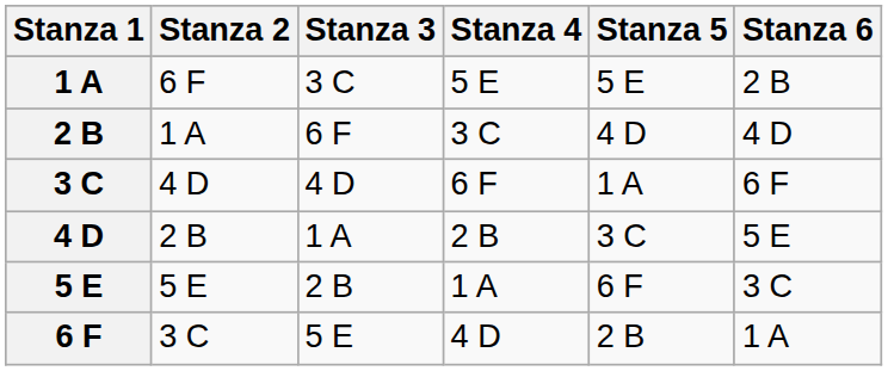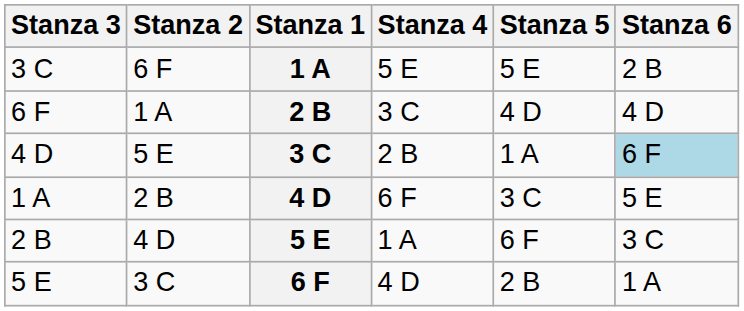 <table class="wikitable">
 <tr>
+<th scope="col">Stanza 3</th>
+<th scope="col">Stanza 2</th>
 <th scope="col">Stanza 1</th>
-<th scope="col">Stanza 2</th>
-<th scope="col">Stanza 3</th>
 <th scope="col">Stanza 4</th>
 <th scope="col">Stanza 5</th>
 <th scope="col">Stanza 6</th>
 </tr>
 <tr>
+<td>3 C</td>
+<td>6 F</td>
 <th scope="row">1 A</th>
-<td>6 F</td>
-<td>3 C</td>
 <td>5 E</td>
 <td>5 E</td>
 <td>2 B</td>
 </tr>
 <tr>
+<td>6 F</td>
+<td>1 A</td>
 <th scope="row">2 B</th>
-<td>1 A</td>
-<td>6 F</td>
 <td>3 C</td>
 <td>4 D</td>
 <td>4 D</td>
 </tr>
 <tr>
+<td>4 D</td>
+<td>5 E</td>
 <th scope="row">3 C</th>
-<td>4 D</td>
-<td>4 D</td>
-<td>6 F</td>
+<td>2 B</td>
 <td>1 A</td>
-<td>6 F</td>
+<td style="background: lightblue;">6 F</td>
 </tr>
 <tr>
-<th scope="row">4 D</th>
-<td>2 B</td>
 <td>1 A</td>
 <td>2 B</td>
+<th scope="row">4 D</th>
+<td>6 F</td>
 <td>3 C</td>
 <td>5 E</td>
 </tr>
 <tr>
+<td>2 B</td>
+<td>4 D</td>
 <th scope="row">5 E</th>
-<td>5 E</td>
-<td>2 B</td>
 <td>1 A</td>
 <td>6 F</td>
 <td>3 C</td>
 </tr>
 <tr>
+<td>5 E</td>
+<td>3 C</td>
 <th scope="row">6 F</th>
-<td>3 C</td>
-<td>5 E</td>
 <td>4 D</td>
 <td>2 B</td>
 <td>1 A</td>
 </tr>
 </table>
